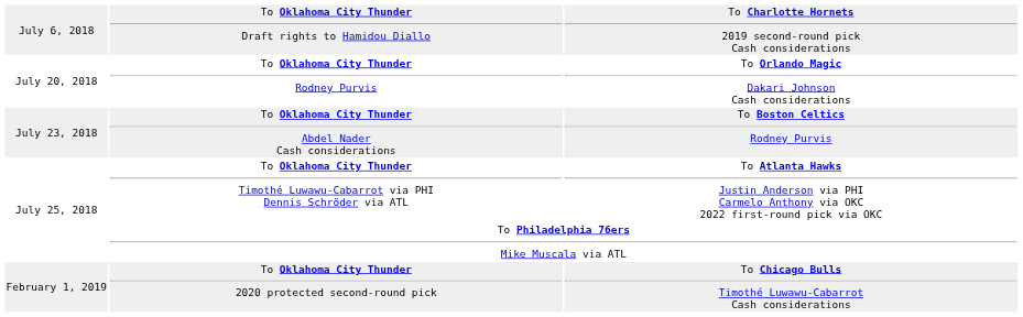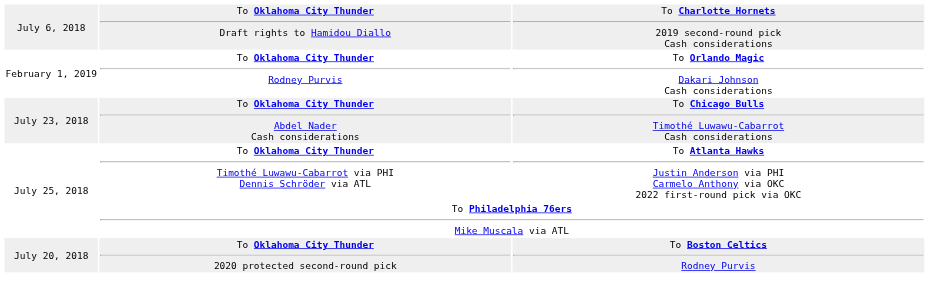 <table style="text-align: center">
 <tr style="background:#eeee">
 <td style="width:10%">July 6, 2018</td>
 <td style="width:31%; vertical-align:top;">To <strong><a href='#'>Oklahoma City Thunder</a></strong><hr>Draft rights to <a href='#'>Hamidou Diallo</a></td>
 <td style="width:31%; vertical-align:top;">To <strong><a href='#'>Charlotte Hornets</a></strong><hr>2019 second-round pick<br>Cash considerations</td>
 </tr>
 <tr>
-<td style="width:10%">July 20, 2018</td>
+<td style="width:10%">February 1, 2019</td>
 <td style="width:31%; vertical-align:top;">To <strong><a href='#'>Oklahoma City Thunder</a></strong><hr><a href='#'>Rodney Purvis</a></td>
 <td style="width:31%; vertical-align:top;">To <strong><a href='#'>Orlando Magic</a></strong><hr><a href='#'>Dakari Johnson</a><br>Cash considerations</td>
 </tr>
 <tr style="background:#eeee">
 <td style="width:10%">July 23, 2018</td>
 <td style="width:31%; vertical-align:top;">To <strong><a href='#'>Oklahoma City Thunder</a></strong><hr><a href='#'>Abdel Nader</a><br>Cash considerations</td>
-<td style="width:31%; vertical-align:top;">To <strong><a href='#'>Boston Celtics</a></strong><hr><a href='#'>Rodney Purvis</a></td>
+<td style="width:31%; vertical-align:top;">To <strong><a href='#'>Chicago Bulls</a></strong><hr><a href='#'>Timothé Luwawu-Cabarrot</a><br>Cash considerations</td>
 </tr>
 <tr>
 <td style="width:10%" rowspan=2>July 25, 2018</td>
 <td style="width:44%; vertical-align:top;">To <strong><a href='#'>Oklahoma City Thunder</a></strong><hr><a href='#'>Timothé Luwawu-Cabarrot</a> via PHI<br><a href='#'>Dennis Schröder</a> via ATL</td>
 <td style="width:44%; vertical-align:top;">To <strong><a href='#'>Atlanta Hawks</a></strong><hr><a href='#'>Justin Anderson</a> via PHI<br><a href='#'>Carmelo Anthony</a> via OKC<br>2022 first-round pick via OKC</td>
 </tr>
 <tr>
 <td colspan="3">To <strong><a href='#'>Philadelphia 76ers</a></strong><hr><a href='#'>Mike Muscala</a> via ATL</td>
 </tr>
 <tr style="background:#eeee">
-<td style="width:10%">February 1, 2019</td>
+<td style="width:10%">July 20, 2018</td>
 <td style="width:31%; vertical-align:top;">To <strong><a href='#'>Oklahoma City Thunder</a></strong><hr>2020 protected second-round pick</td>
-<td style="width:31%; vertical-align:top;">To <strong><a href='#'>Chicago Bulls</a></strong><hr><a href='#'>Timothé Luwawu-Cabarrot</a><br>Cash considerations</td>
+<td style="width:31%; vertical-align:top;">To <strong><a href='#'>Boston Celtics</a></strong><hr><a href='#'>Rodney Purvis</a></td>
 </tr>
 </table>
